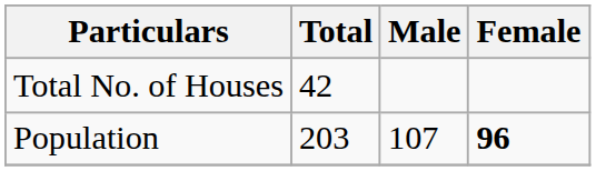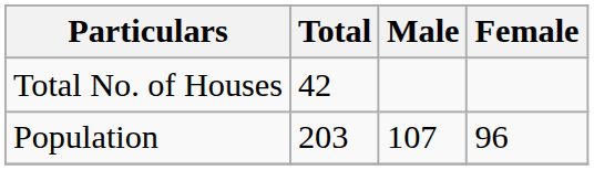 <table class="wikitable sortable">
 <tr>
 <th>Particulars</th>
 <th>Total</th>
 <th>Male</th>
 <th>Female</th>
 </tr>
 <tr>
 <td>Total No. of Houses</td>
 <td>42</td>
 <td></td>
 <td></td>
 </tr>
 <tr>
 <td>Population</td>
 <td>203</td>
 <td>107</td>
-<td><strong>96</strong></td>
+<td>96</td>
 </tr>
 <tr>
 </tr>
 </table>
